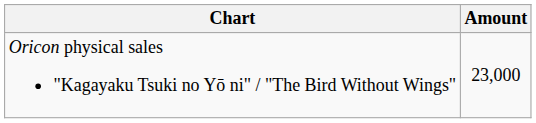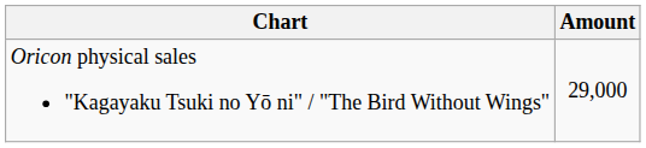 <table class="wikitable">
 <tr>
 <th>Chart</th>
 <th>Amount</th>
 </tr>
 <tr>
 <td><em>Oricon</em> physical sales<br><ul><li>"Kagayaku Tsuki no Yō ni" / "The Bird Without Wings"</li></ul></td>
-<td align="center">23,000</td>
+<td align="center">29,000</td>
 </tr>
 </table>
